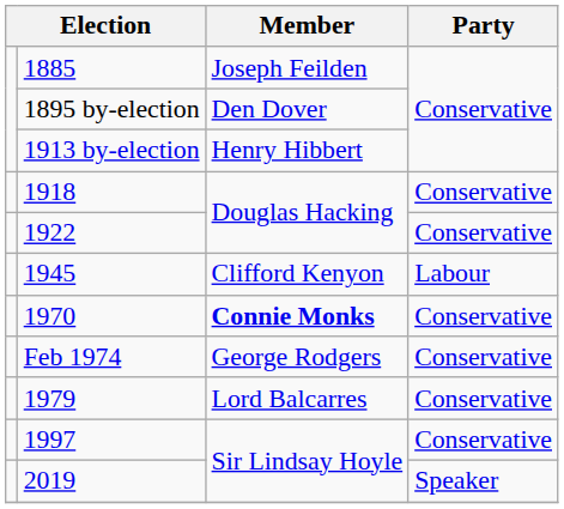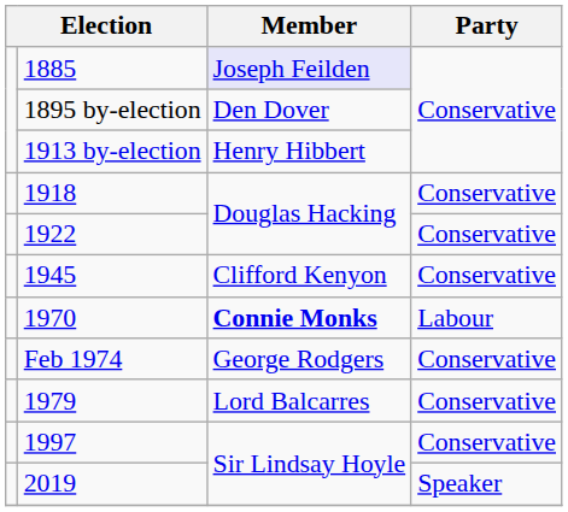 <table class="wikitable">
 <tr>
 <th colspan="2">Election</th>
 <th>Member</th>
 <th>Party</th>
 </tr>
 <tr>
 <td rowspan="3" style="color:inherit;background-color: "></td>
 <td><a href='#'>1885</a></td>
-<td><a href='#'>Joseph Feilden</a></td>
+<td style="background: lavender;"><a href='#'>Joseph Feilden</a></td>
 <td rowspan="3"><a href='#'>Conservative</a></td>
 </tr>
 <tr>
 <td>1895 by-election </td>
 <td><a href='#'>Den Dover</a></td>
 </tr>
 <tr>
 <td><a href='#'>1913 by-election</a> </td>
 <td><a href='#'>Henry Hibbert</a></td>
 </tr>
 <tr>
 <td style="color:inherit;background-color: "></td>
 <td><a href='#'>1918</a></td>
 <td rowspan="2"><a href='#'>Douglas Hacking</a></td>
 <td><a href='#'>Conservative</a></td>
 </tr>
 <tr>
 <td style="color:inherit;background-color: "></td>
 <td><a href='#'>1922</a></td>
 <td><a href='#'>Conservative</a></td>
 </tr>
 <tr>
 <td style="color:inherit;background-color: "></td>
 <td><a href='#'>1945</a></td>
 <td><a href='#'>Clifford Kenyon</a></td>
-<td><a href='#'>Labour</a></td>
+<td><a href='#'>Conservative</a></td>
 </tr>
 <tr>
 <td style="color:inherit;background-color: "></td>
 <td><a href='#'>1970</a></td>
 <td><strong><a href='#'>Connie Monks</a></strong></td>
-<td><a href='#'>Conservative</a></td>
+<td><a href='#'>Labour</a></td>
 </tr>
 <tr>
 <td style="color:inherit;background-color: "></td>
 <td><a href='#'>Feb 1974</a></td>
 <td><a href='#'>George Rodgers</a></td>
 <td><a href='#'>Conservative</a></td>
 </tr>
 <tr>
 <td style="color:inherit;background-color: "></td>
 <td><a href='#'>1979</a></td>
 <td><a href='#'>Lord Balcarres</a></td>
 <td><a href='#'>Conservative</a></td>
 </tr>
 <tr>
 <td style="color:inherit;background-color: "></td>
 <td><a href='#'>1997</a></td>
 <td rowspan="2"><a href='#'>Sir Lindsay Hoyle</a></td>
 <td><a href='#'>Conservative</a></td>
 </tr>
 <tr>
 <td style="color:inherit;background-color: "></td>
 <td><a href='#'>2019</a></td>
 <td><a href='#'>Speaker</a></td>
 </tr>
 <tr>
 </tr>
 </table>
